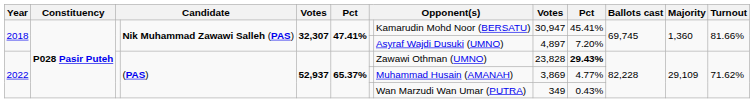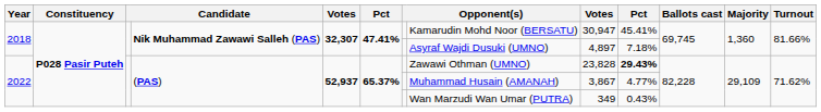 <table class="wikitable" style="margin:0.5em ; font-size:95%">
 <tr>
 <th>Year</th>
 <th>Constituency</th>
 <th colspan=2>Candidate</th>
 <th>Votes</th>
 <th>Pct</th>
 <th colspan=2>Opponent(s)</th>
 <th>Votes</th>
 <th>Pct</th>
 <th>Ballots cast</th>
 <th>Majority</th>
 <th>Turnout</th>
 </tr>
 <tr>
 <td rowspan=2><a href='#'>2018</a></td>
 <td rowspan=5><strong>P028 <a href='#'>Pasir Puteh</a></strong></td>
 <td rowspan=2 ></td>
 <td rowspan=2><strong>Nik Muhammad Zawawi Salleh</strong> (<a href='#'><strong>PAS</strong></a>)</td>
 <td rowspan=2 align="right"><strong>32,307</strong></td>
 <td rowspan=2><strong>47.41%</strong></td>
 <td></td>
 <td>Kamarudin Mohd Noor (<a href='#'>BERSATU</a>)</td>
 <td align="right">30,947</td>
 <td>45.41%</td>
 <td rowspan=2>69,745</td>
 <td rowspan=2>1,360</td>
 <td rowspan=2>81.66%</td>
 </tr>
 <tr>
 <td></td>
 <td><a href='#'>Asyraf Wajdi Dusuki</a> (<a href='#'>UMNO</a>)</td>
 <td align="right">4,897</td>
-<td align="right">7.20%</td>
+<td align="right">7.18%</td>
 </tr>
 <tr>
 <td rowspan=3><a href='#'>2022</a></td>
 <td rowspan=3 ></td>
 <td rowspan=3> (<a href='#'><strong>PAS</strong></a>)</td>
 <td rowspan=3 align="right"><strong>52,937</strong></td>
 <td rowspan=3><strong>65.37%</strong></td>
 <td></td>
 <td>Zawawi Othman (<a href='#'>UMNO</a>)</td>
 <td align="right">23,828</td>
 <td><strong>29.43%</strong></td>
 <td rowspan=3>82,228</td>
 <td rowspan=3>29,109</td>
 <td rowspan=3>71.62%</td>
 </tr>
 <tr>
 <td></td>
 <td><a href='#'>Muhammad Husain</a> (<a href='#'>AMANAH</a>)</td>
-<td align="right">3,869</td>
+<td align="right">3,867</td>
 <td align="right">4.77%</td>
 </tr>
 <tr>
 <td bgcolor=></td>
 <td>Wan Marzudi Wan Umar (<a href='#'>PUTRA</a>)</td>
 <td align="right">349</td>
 <td align="right">0.43%</td>
 </tr>
 </table>
